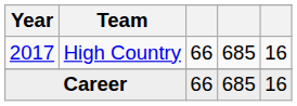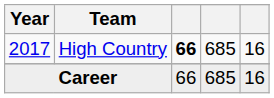 <table class="wikitable sortable" style="text-align:center">
 <tr>
 <th rowspan=2>Year</th>
 <th rowspan=2>Team</th>
 </tr>
 <tr>
 <th></th>
 <th></th>
 <th></th>
 </tr>
 <tr>
 <td><a href='#'>2017</a></td>
 <td><a href='#'>High Country</a></td>
-<td>66</td>
+<td><strong>66</strong></td>
 <td>685</td>
 <td>16</td>
 </tr>
 <tr class="sortbottom" style="background:#eee;">
 </tr>
 <tr class="sortbottom" style="background:#eee;">
 <td colspan=2><strong>Career</strong></td>
 <td>66</td>
 <td>685</td>
 <td>16</td>
 </tr>
 </table>
